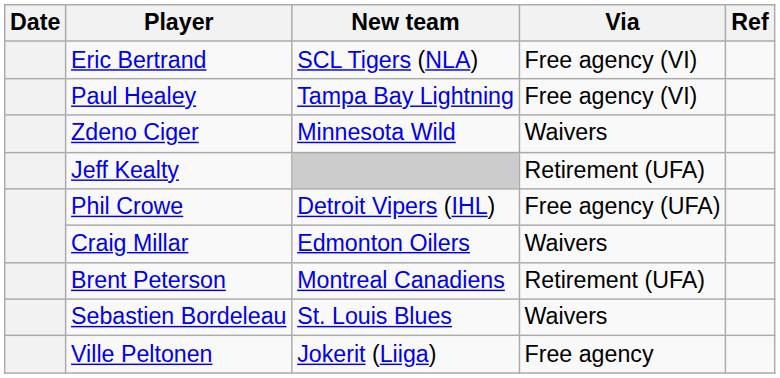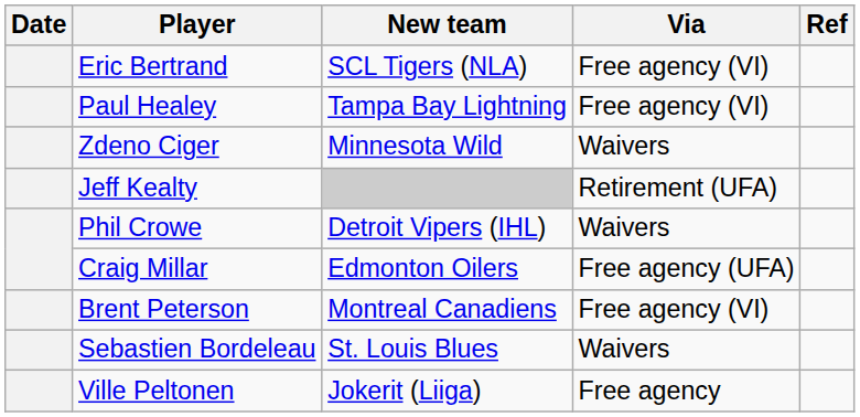 <table class="wikitable plainrowheaders">
 <tr style="background:#ddd; text-align:center;">
 <th>Date</th>
 <th>Player</th>
 <th>New team</th>
 <th>Via</th>
 <th>Ref</th>
 </tr>
 <tr>
 <th scope="row"></th>
 <td><a href='#'>Eric Bertrand</a></td>
 <td><a href='#'>SCL Tigers</a> (<a href='#'>NLA</a>)</td>
 <td>Free agency (VI)</td>
 <td></td>
 </tr>
 <tr>
 <th scope="row"></th>
 <td><a href='#'>Paul Healey</a></td>
 <td><a href='#'>Tampa Bay Lightning</a></td>
 <td>Free agency (VI)</td>
 <td></td>
 </tr>
 <tr>
 <th scope="row"></th>
 <td><a href='#'>Zdeno Ciger</a></td>
 <td><a href='#'>Minnesota Wild</a></td>
 <td>Waivers</td>
 <td></td>
 </tr>
 <tr>
 <th scope="row"></th>
 <td><a href='#'>Jeff Kealty</a></td>
 <td style="background:#ccc"></td>
 <td>Retirement (UFA)</td>
 <td></td>
 </tr>
 <tr>
 <th scope="row" rowspan=2></th>
 <td><a href='#'>Phil Crowe</a></td>
 <td><a href='#'>Detroit Vipers</a> (<a href='#'>IHL</a>)</td>
-<td>Free agency (UFA)</td>
+<td>Waivers</td>
 <td></td>
 </tr>
 <tr>
 <td><a href='#'>Craig Millar</a></td>
 <td><a href='#'>Edmonton Oilers</a></td>
-<td>Waivers</td>
+<td>Free agency (UFA)</td>
 <td></td>
 </tr>
 <tr>
 <th scope="row"></th>
 <td><a href='#'>Brent Peterson</a></td>
 <td><a href='#'>Montreal Canadiens</a></td>
-<td>Retirement (UFA)</td>
+<td>Free agency (VI)</td>
 <td></td>
 </tr>
 <tr>
 <th scope="row"></th>
 <td><a href='#'>Sebastien Bordeleau</a></td>
 <td><a href='#'>St. Louis Blues</a></td>
 <td>Waivers</td>
 <td></td>
 </tr>
 <tr>
 <th scope="row"></th>
 <td><a href='#'>Ville Peltonen</a></td>
 <td><a href='#'>Jokerit</a> (<a href='#'>Liiga</a>)</td>
 <td>Free agency</td>
 <td></td>
 </tr>
 </table>
